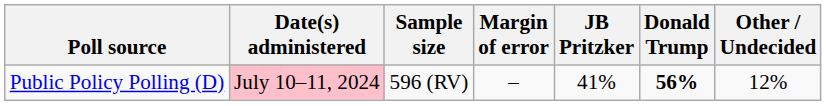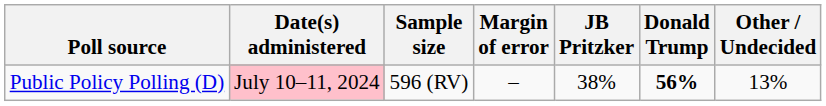 <table class="wikitable sortable mw-datatable" style="font-size:90%;text-align:center;line-height:17px">
 <tr valign=bottom>
 <th>Poll source</th>
 <th>Date(s)<br>administered</th>
 <th>Sample<br>size</th>
 <th>Margin<br>of error</th>
 <th class="unsortable">JB<br>Pritzker<br></th>
 <th class="unsortable">Donald<br>Trump<br></th>
 <th class="unsortable">Other /<br>Undecided</th>
 </tr>
 <tr>
 <td style="text-align:left;"><a href='#'>Public Policy Polling (D)</a></td>
 <td data-sort-value="2024-07-22" style="background: pink;">July 10–11, 2024</td>
 <td>596 (RV)</td>
 <td>–</td>
-<td>41%</td>
+<td>38%</td>
 <td style="background-color:"><strong>56%</strong></td>
-<td>12%</td>
+<td>13%</td>
 </tr>
 </table>
